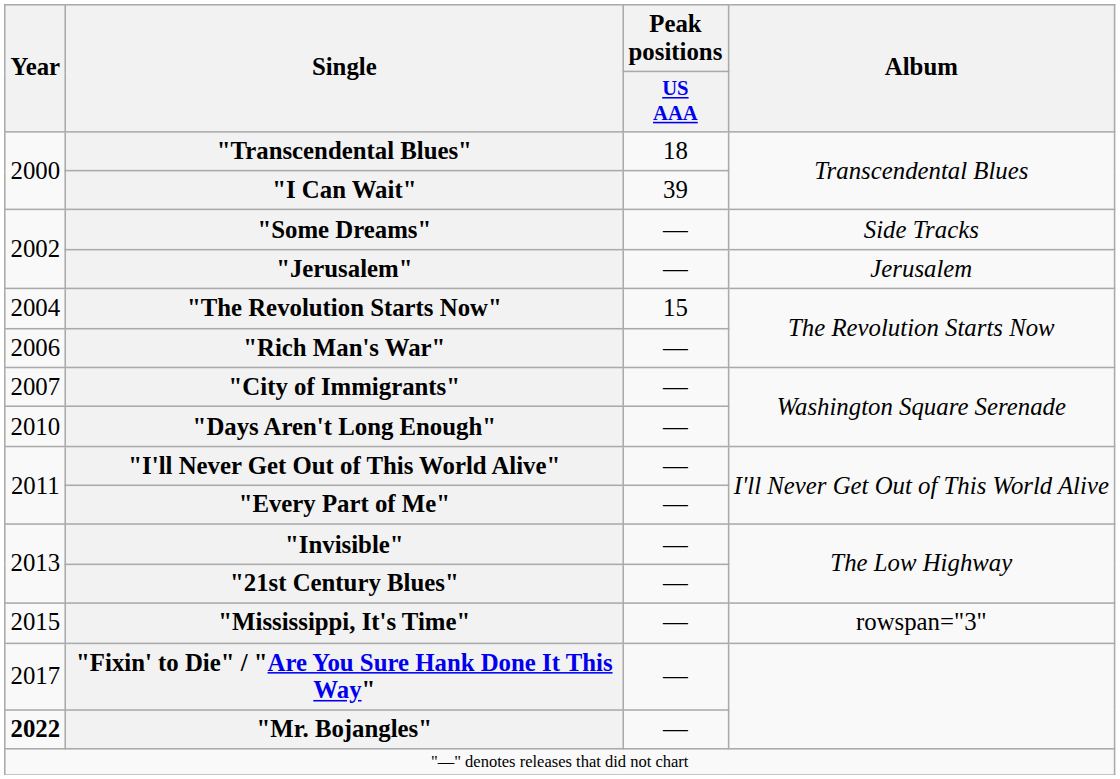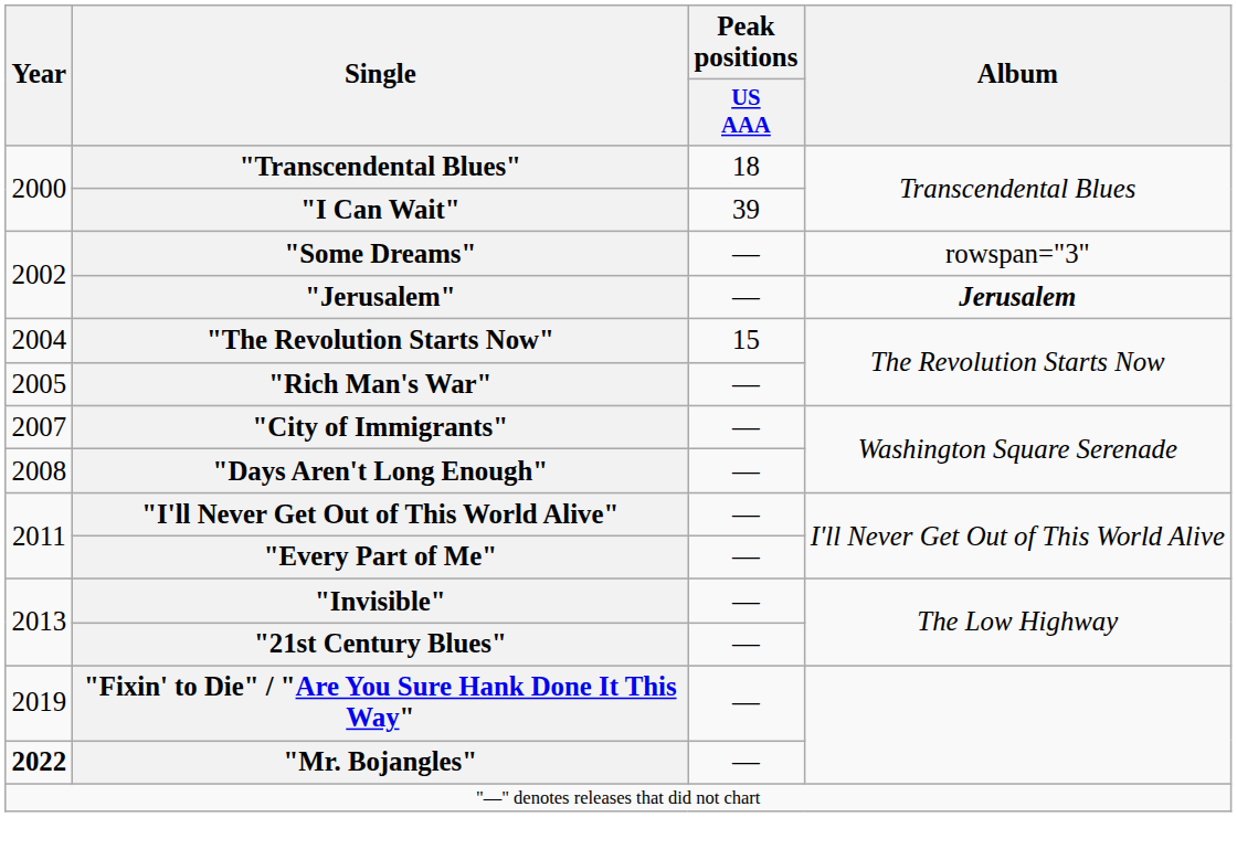 <table class="wikitable plainrowheaders" style="text-align:center;">
 <tr>
 <th rowspan="2">Year</th>
 <th rowspan="2" style="width:22em;">Single</th>
 <th>Peak positions</th>
 <th rowspan="2">Album</th>
 </tr>
 <tr style="font-size:smaller;">
 <th width="45"><a href='#'>US<br>AAA</a><br></th>
 </tr>
 <tr>
 <td rowspan="2">2000</td>
 <th scope="row">"Transcendental Blues"</th>
 <td>18</td>
 <td rowspan="2"><em>Transcendental Blues</em></td>
 </tr>
 <tr>
 <th scope="row">"I Can Wait"</th>
 <td>39</td>
 </tr>
 <tr>
 <td rowspan="2">2002</td>
 <th scope="row">"Some Dreams"</th>
 <td>—</td>
-<td><em>Side Tracks</em></td>
+<td>rowspan="3" </td>
 </tr>
 <tr>
 <th scope="row">"Jerusalem"</th>
 <td>—</td>
-<td><em>Jerusalem</em></td>
+<td><strong><em>Jerusalem</em></strong></td>
 </tr>
 <tr>
 <td>2004</td>
 <th scope="row">"The Revolution Starts Now"</th>
 <td>15</td>
 <td rowspan="2"><em>The Revolution Starts Now</em></td>
 </tr>
 <tr>
-<td>2006</td>
+<td>2005</td>
 <th scope="row">"Rich Man's War"</th>
 <td>—</td>
 </tr>
 <tr>
 <td>2007</td>
 <th scope="row">"City of Immigrants"</th>
 <td>—</td>
 <td rowspan="2"><em>Washington Square Serenade</em></td>
 </tr>
 <tr>
-<td>2010</td>
+<td>2008</td>
 <th scope="row">"Days Aren't Long Enough" </th>
 <td>—</td>
 </tr>
 <tr>
 <td rowspan="2">2011</td>
 <th scope="row">"I'll Never Get Out of This World Alive"</th>
 <td>—</td>
 <td rowspan="2"><em>I'll Never Get Out of This World Alive</em></td>
 </tr>
 <tr>
 <th scope="row">"Every Part of Me"</th>
 <td>—</td>
 </tr>
 <tr>
 <td rowspan="2">2013</td>
 <th scope="row">"Invisible"</th>
 <td>—</td>
 <td rowspan="2"><em>The Low Highway</em></td>
 </tr>
 <tr>
 <th scope="row">"21st Century Blues"</th>
 <td>—</td>
 </tr>
 <tr>
-<td>2015</td>
-<th scope="row">"Mississippi, It's Time"</th>
-<td>—</td>
-<td>rowspan="3" </td>
-</tr>
-<tr>
-<td>2017</td>
+<td>2019</td>
 <th scope="row">"Fixin' to Die" / "<a href='#'>Are You Sure Hank Done It This Way</a>" </th>
 <td>—</td>
 </tr>
 <tr>
 <td><strong>2022</strong></td>
 <th scope="row">"Mr. Bojangles"<br></th>
 <td>—</td>
 </tr>
 <tr>
 <td colspan="4" style="font-size:8pt">"—" denotes releases that did not chart</td>
 </tr>
 </table>
